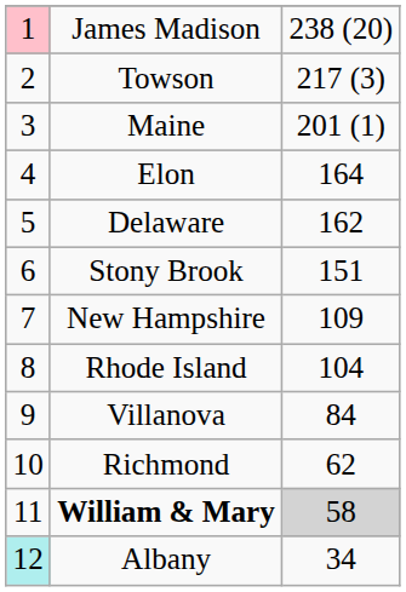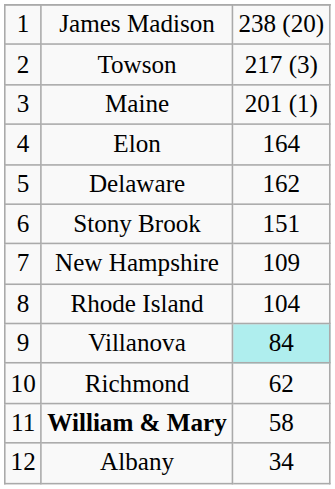 <table class="wikitable">
 <tr align="center">
 </tr>
 <tr align="center">
-<td style="background: pink;">1</td>
+<td>1</td>
 <td>James Madison</td>
 <td>238 (20)</td>
 </tr>
 <tr align="center">
 <td>2</td>
 <td>Towson</td>
 <td>217 (3)</td>
 </tr>
 <tr align="center">
 <td>3</td>
 <td>Maine</td>
 <td>201 (1)</td>
 </tr>
 <tr align="center">
 <td>4</td>
 <td>Elon</td>
 <td>164</td>
 </tr>
 <tr align="center">
 <td>5</td>
 <td>Delaware</td>
 <td>162</td>
 </tr>
 <tr align="center">
 <td>6</td>
 <td>Stony Brook</td>
 <td>151</td>
 </tr>
 <tr align="center">
 <td>7</td>
 <td>New Hampshire</td>
 <td>109</td>
 </tr>
 <tr align="center">
 <td>8</td>
 <td>Rhode Island</td>
 <td>104</td>
 </tr>
 <tr align="center">
 <td>9</td>
 <td>Villanova</td>
-<td>84</td>
+<td style="background: paleturquoise;">84</td>
 </tr>
 <tr align="center">
 <td>10</td>
 <td>Richmond</td>
 <td>62</td>
 </tr>
 <tr align="center">
 <td>11</td>
 <td><strong>William & Mary</strong></td>
-<td style="background: lightgrey;">58</td>
+<td>58</td>
 </tr>
 <tr align="center">
-<td style="background: paleturquoise;">12</td>
+<td>12</td>
 <td>Albany</td>
 <td>34</td>
 </tr>
 </table>
